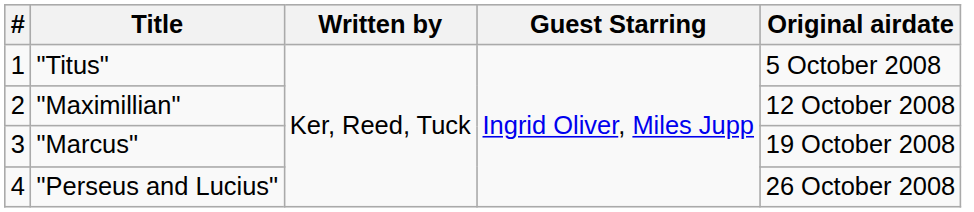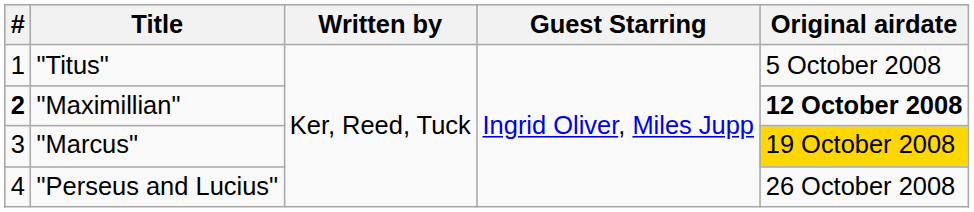 <table class="wikitable">
 <tr>
 <th>#</th>
 <th>Title</th>
 <th>Written by</th>
 <th>Guest Starring</th>
 <th>Original airdate</th>
 </tr>
 <tr>
 <td>1</td>
 <td>"Titus"</td>
 <td rowspan="4">Ker, Reed, Tuck</td>
 <td rowspan="4"><a href='#'>Ingrid Oliver</a>, <a href='#'>Miles Jupp</a></td>
 <td>5 October 2008</td>
 </tr>
 <tr>
-<td>2</td>
+<td><strong>2</strong></td>
 <td>"Maximillian"</td>
-<td>12 October 2008</td>
+<td><strong>12 October 2008</strong></td>
 </tr>
 <tr>
 <td>3</td>
 <td>"Marcus"</td>
-<td>19 October 2008</td>
+<td style="background: gold;">19 October 2008</td>
 </tr>
 <tr>
 <td>4</td>
 <td>"Perseus and Lucius"</td>
 <td>26 October 2008</td>
 </tr>
 </table>
